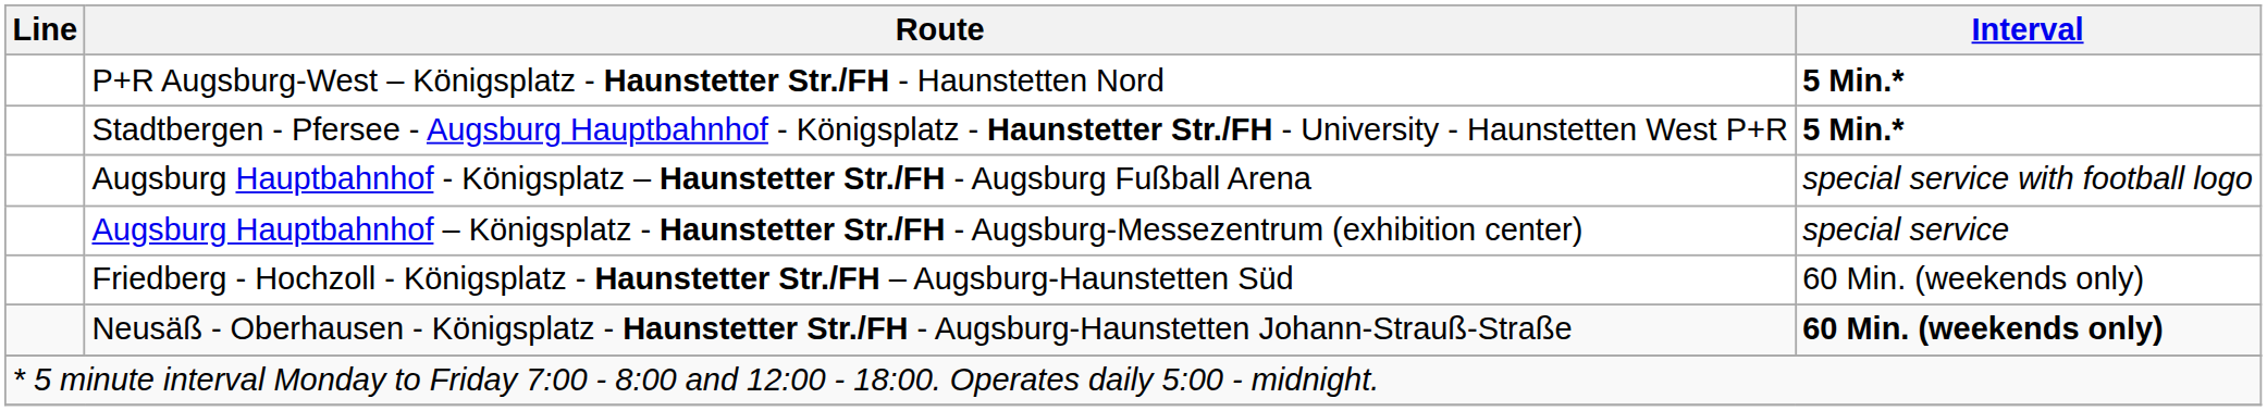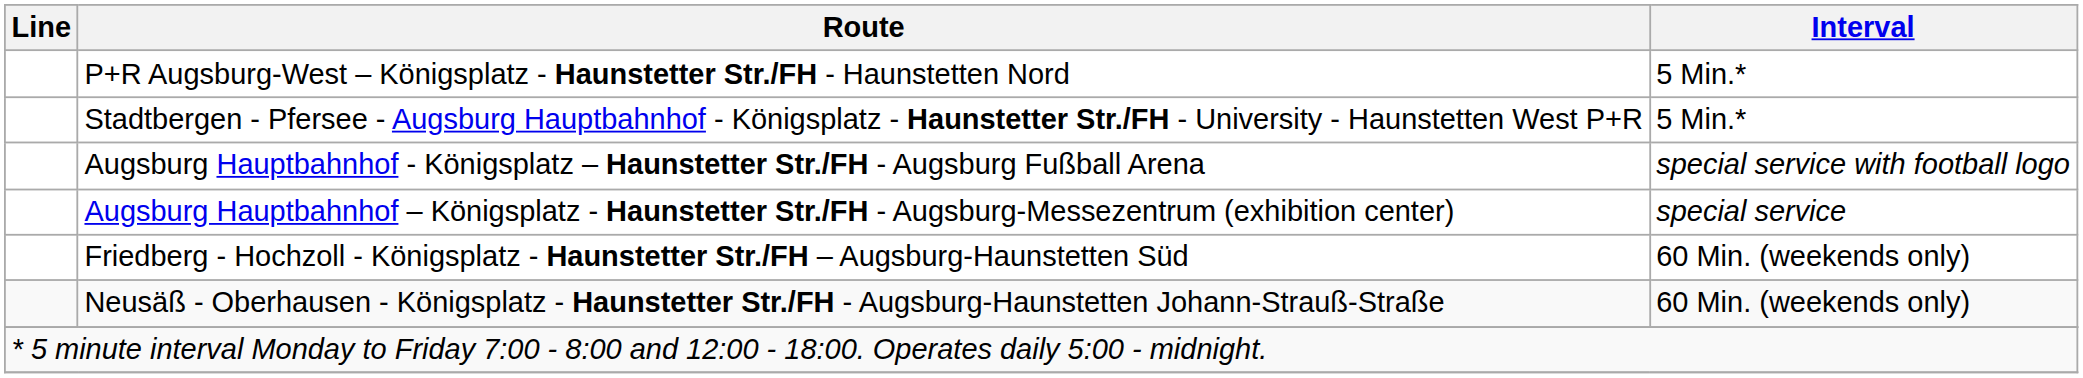 <table class="wikitable">
 <tr>
 <th>Line</th>
 <th>Route</th>
 <th><a href='#'>Interval</a></th>
 </tr>
 <tr --- bgcolor="#FFFFFF">
 <td></td>
 <td>P+R Augsburg-West – Königsplatz - <strong>Haunstetter Str./FH</strong> - Haunstetten Nord</td>
-<td><strong>5 Min.*</strong></td>
+<td>5 Min.*</td>
 </tr>
 <tr --- bgcolor="#FFFFFF">
 <td></td>
 <td>Stadtbergen - Pfersee - <a href='#'>Augsburg Hauptbahnhof</a> -  Königsplatz - <strong>Haunstetter Str./FH</strong> -  University - Haunstetten West P+R</td>
-<td><strong>5 Min.*</strong></td>
+<td>5 Min.*</td>
 </tr>
 <tr --- bgcolor="#FFFFFF">
 <td></td>
 <td>Augsburg <a href='#'>Hauptbahnhof</a> - Königsplatz – <strong>Haunstetter Str./FH</strong> - Augsburg Fußball Arena</td>
 <td><em>special service with football logo</em></td>
 </tr>
 <tr --- bgcolor="#FFFFFF">
 <td></td>
 <td><a href='#'>Augsburg Hauptbahnhof</a> – Königsplatz - <strong>Haunstetter Str./FH</strong> - Augsburg-Messezentrum (exhibition center)</td>
 <td><em>special service</em></td>
 </tr>
 <tr --- bgcolor="#FFFFFF">
 <td></td>
 <td>Friedberg - Hochzoll - Königsplatz - <strong>Haunstetter Str./FH</strong> – Augsburg-Haunstetten Süd</td>
 <td>60 Min. (weekends only)</td>
 </tr>
 <tr>
 <td></td>
 <td>Neusäß - Oberhausen - Königsplatz - <strong>Haunstetter Str./FH</strong> - Augsburg-Haunstetten Johann-Strauß-Straße</td>
-<td><strong>60 Min. (weekends only)</strong></td>
+<td>60 Min. (weekends only)</td>
 </tr>
 <tr>
 </tr>
 <tr --- bgcolor="#FFFFFF">
 </tr>
 <tr>
 <td colspan="3" align="left"><em>* 5 minute interval Monday to Friday 7:00 - 8:00 and 12:00 - 18:00. Operates daily 5:00 - midnight.</em></td>
 </tr>
 <tr>
 </tr>
 </table>
